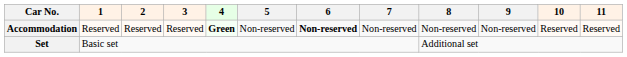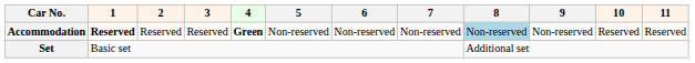 <table class="wikitable">
 <tr>
 <th>Car No.</th>
 <th style="background: #FFF2E6">1</th>
 <th style="background: #FFF2E6">2</th>
 <th style="background: #FFF2E6">3</th>
 <th style="background: #E6FFE6">4</th>
 <th>5</th>
 <th>6</th>
 <th>7</th>
 <th>8</th>
 <th>9</th>
 <th style="background: #FFF2E6">10</th>
 <th style="background: #FFF2E6">11</th>
 </tr>
 <tr>
 <th>Accommodation</th>
-<td style="background: #FFFAF5">Reserved</td>
+<td style="background: #FFFAF5"><strong>Reserved</strong></td>
 <td style="background: #FFFAF5">Reserved</td>
 <td style="background: #FFFAF5">Reserved</td>
 <td style="background: #F5FFF5"><strong>Green</strong></td>
 <td>Non-reserved</td>
-<td><strong>Non-reserved</strong></td>
 <td>Non-reserved</td>
 <td>Non-reserved</td>
+<td style="background: lightblue;">Non-reserved</td>
 <td>Non-reserved</td>
 <td style="background: #FFFAF5">Reserved</td>
 <td style="background: #FFFAF5">Reserved</td>
 </tr>
 <tr>
 <th>Set</th>
 <td colspan="7">Basic set</td>
 <td colspan="4">Additional set</td>
 </tr>
 </table>
